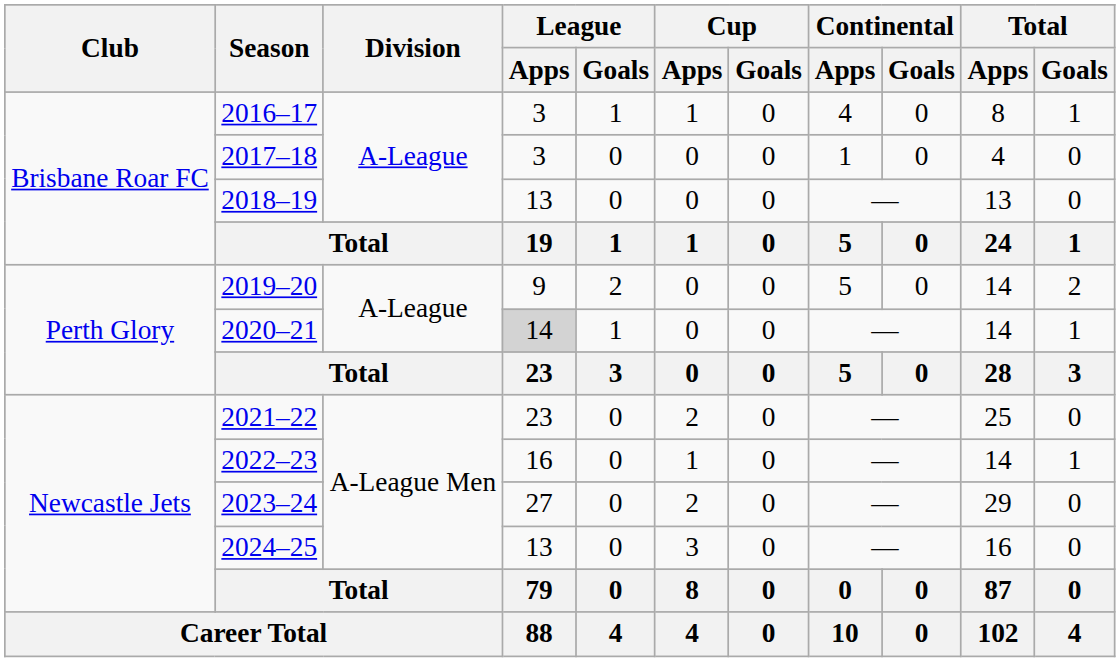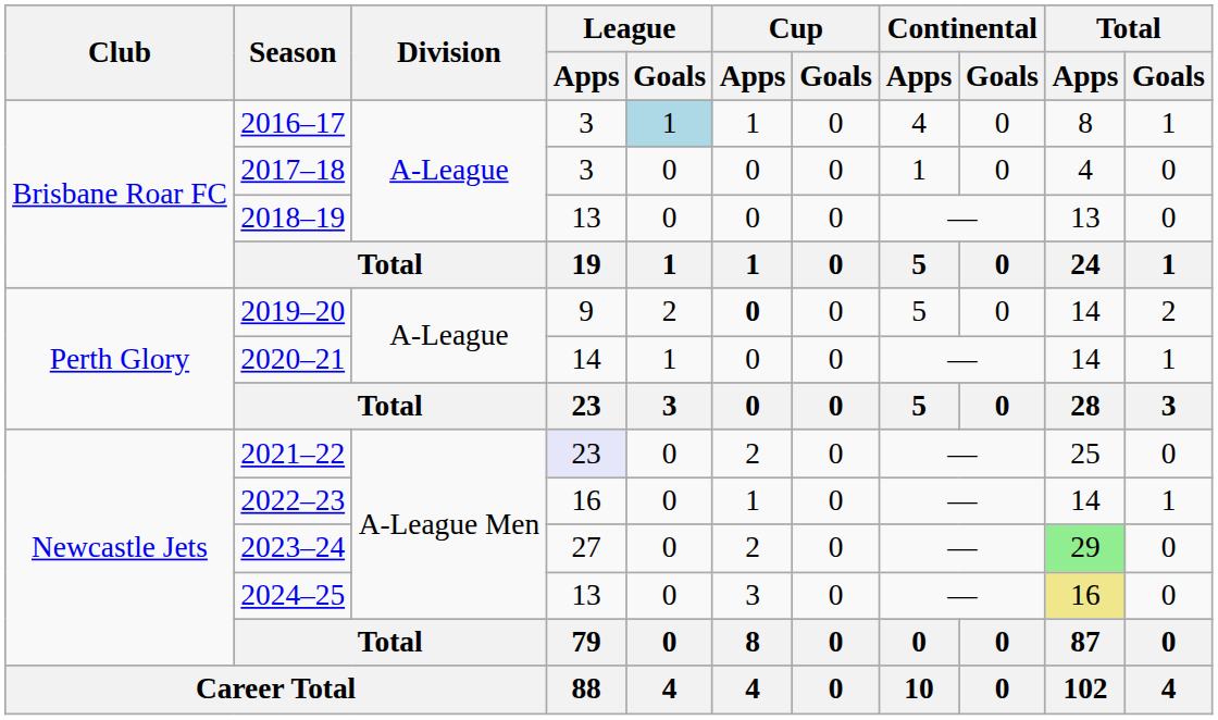 <table class="wikitable" style="font-size:100%; text-align: center">
 <tr>
 <th rowspan="2">Club</th>
 <th rowspan="2">Season</th>
 <th rowspan="2">Division</th>
 <th colspan="2">League</th>
 <th colspan="2">Cup</th>
 <th colspan="2">Continental</th>
 <th colspan="2">Total</th>
 </tr>
 <tr>
 <th>Apps</th>
 <th>Goals</th>
 <th>Apps</th>
 <th>Goals</th>
 <th>Apps</th>
 <th>Goals</th>
 <th>Apps</th>
 <th>Goals</th>
 </tr>
 <tr>
 <td rowspan=4><a href='#'>Brisbane Roar FC</a></td>
 <td><a href='#'>2016–17</a></td>
 <td rowspan=3><a href='#'>A-League</a></td>
 <td>3</td>
-<td>1</td>
+<td style="background: lightblue;">1</td>
 <td>1</td>
 <td>0</td>
 <td>4</td>
 <td>0</td>
 <td>8</td>
 <td>1</td>
 </tr>
 <tr>
 <td><a href='#'>2017–18</a></td>
 <td>3</td>
 <td>0</td>
 <td>0</td>
 <td>0</td>
 <td>1</td>
 <td>0</td>
 <td>4</td>
 <td>0</td>
 </tr>
 <tr>
 <td><a href='#'>2018–19</a></td>
 <td>13</td>
 <td>0</td>
 <td>0</td>
 <td>0</td>
 <td colspan=2>—</td>
 <td>13</td>
 <td>0</td>
 </tr>
 <tr>
 <th colspan=2>Total</th>
 <th>19</th>
 <th>1</th>
 <th>1</th>
 <th>0</th>
 <th>5</th>
 <th>0</th>
 <th>24</th>
 <th>1</th>
 </tr>
 <tr>
 <td rowspan=3><a href='#'>Perth Glory</a></td>
 <td><a href='#'>2019–20</a></td>
 <td rowspan=2>A-League</td>
 <td>9</td>
 <td>2</td>
-<td>0</td>
+<td><strong>0</strong></td>
 <td>0</td>
 <td>5</td>
 <td>0</td>
 <td>14</td>
 <td>2</td>
 </tr>
 <tr>
 <td><a href='#'>2020–21</a></td>
-<td style="background: lightgrey;">14</td>
+<td>14</td>
 <td>1</td>
 <td>0</td>
 <td>0</td>
 <td colspan=2>—</td>
 <td>14</td>
 <td>1</td>
 </tr>
 <tr>
 <th colspan=2>Total</th>
 <th>23</th>
 <th>3</th>
 <th>0</th>
 <th>0</th>
 <th>5</th>
 <th>0</th>
 <th>28</th>
 <th>3</th>
 </tr>
 <tr>
 <td rowspan=5><a href='#'>Newcastle Jets</a></td>
 <td><a href='#'>2021–22</a></td>
 <td rowspan=4>A-League Men</td>
-<td>23</td>
+<td style="background: lavender;">23</td>
 <td>0</td>
 <td>2</td>
 <td>0</td>
 <td colspan=2>—</td>
 <td>25</td>
 <td>0</td>
 </tr>
 <tr>
 <td><a href='#'>2022–23</a></td>
 <td>16</td>
 <td>0</td>
 <td>1</td>
 <td>0</td>
 <td colspan=2>—</td>
 <td>14</td>
 <td>1</td>
 </tr>
 <tr>
 <td><a href='#'>2023–24</a></td>
 <td>27</td>
 <td>0</td>
 <td>2</td>
 <td>0</td>
 <td colspan=2>—</td>
-<td>29</td>
+<td style="background: lightgreen;">29</td>
 <td>0</td>
 </tr>
 <tr>
 <td><a href='#'>2024–25</a></td>
 <td>13</td>
 <td>0</td>
 <td>3</td>
 <td>0</td>
 <td colspan=2>—</td>
-<td>16</td>
+<td style="background: khaki;">16</td>
 <td>0</td>
 </tr>
 <tr>
 <th colspan=2>Total</th>
 <th>79</th>
 <th>0</th>
 <th>8</th>
 <th>0</th>
 <th>0</th>
 <th>0</th>
 <th>87</th>
 <th>0</th>
 </tr>
 <tr>
 <th colspan="3">Career Total</th>
 <th>88</th>
 <th>4</th>
 <th>4</th>
 <th>0</th>
 <th>10</th>
 <th>0</th>
 <th>102</th>
 <th>4</th>
 </tr>
 </table>
